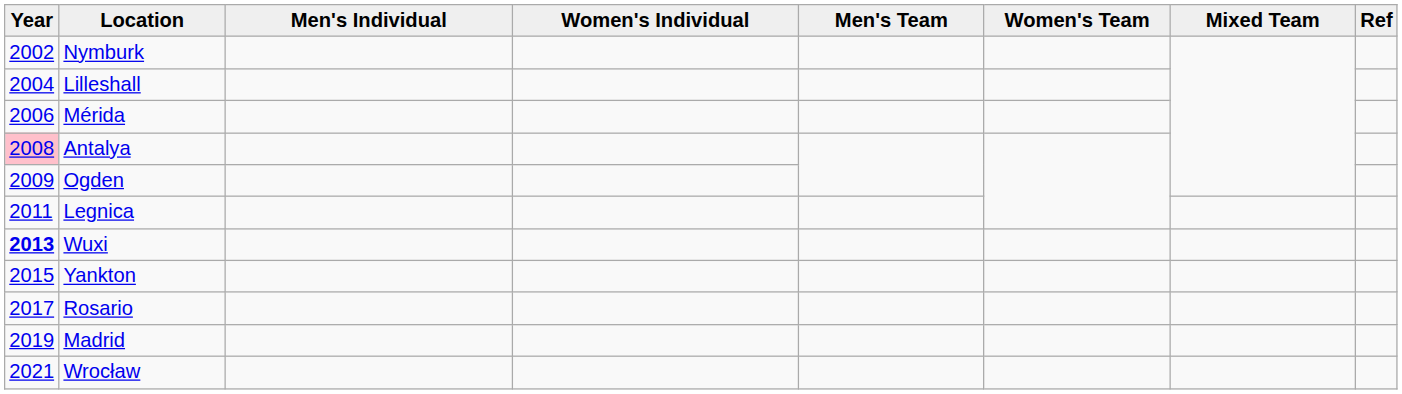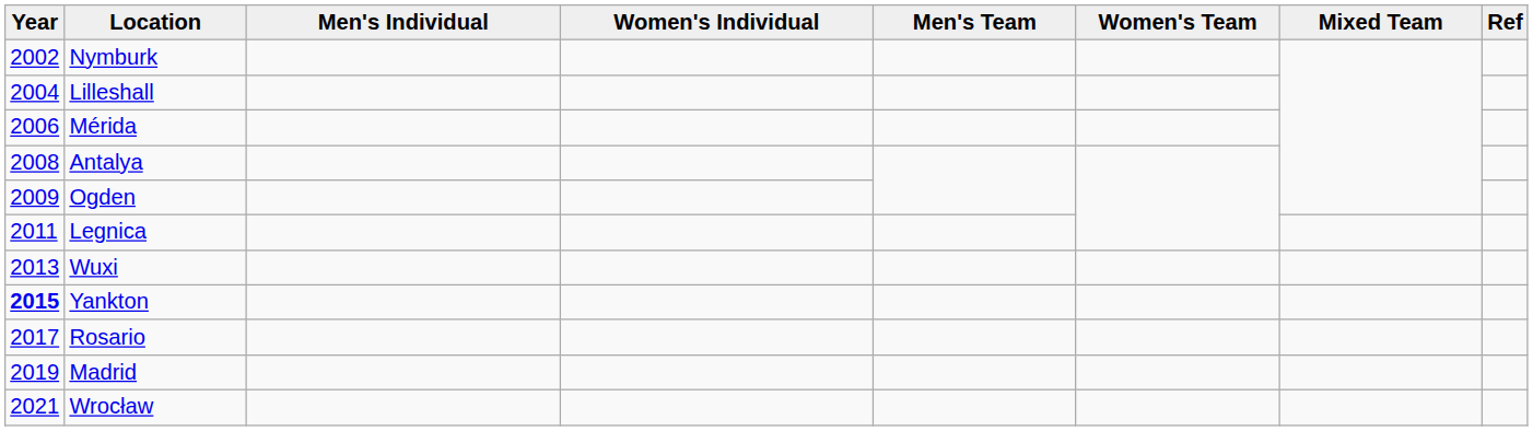 <table class="wikitable">
 <tr>
 <th scope="col" ! width="25" style="background: #efefef;">Year</th>
 <th scope="col" ! width="125" style="background: #efefef;">Location</th>
 <th scope="col" ! width="220" style="background: #efefef;">Men's Individual</th>
 <th scope="col" ! width="220" style="background: #efefef;">Women's Individual</th>
 <th scope="col" ! width="140" style="background: #efefef;">Men's Team</th>
 <th scope="col" ! width="140" style="background: #efefef;">Women's Team</th>
 <th scope="col" ! width="140" style="background: #efefef;">Mixed Team</th>
 <th scope="col" ! width="25" style="background: #efefef;">Ref</th>
 </tr>
 <tr>
 <td><a href='#'>2002</a></td>
 <td> <a href='#'>Nymburk</a></td>
 <td></td>
 <td></td>
 <td></td>
 <td></td>
 <td rowspan=5></td>
 <td></td>
 </tr>
 <tr>
 <td><a href='#'>2004</a></td>
 <td> <a href='#'>Lilleshall</a></td>
 <td></td>
 <td></td>
 <td></td>
 <td></td>
 <td></td>
 </tr>
 <tr>
 <td><a href='#'>2006</a></td>
 <td> <a href='#'>Mérida</a></td>
 <td></td>
 <td></td>
 <td></td>
 <td></td>
 <td></td>
 </tr>
 <tr>
-<td style="background: pink;"><a href='#'>2008</a></td>
+<td><a href='#'>2008</a></td>
 <td> <a href='#'>Antalya</a></td>
 <td></td>
 <td></td>
 <td rowspan=2></td>
 <td rowspan=3></td>
 <td></td>
 </tr>
 <tr>
 <td><a href='#'>2009</a></td>
 <td> <a href='#'>Ogden</a></td>
 <td></td>
 <td></td>
 <td></td>
 </tr>
 <tr>
 <td><a href='#'>2011</a></td>
 <td> <a href='#'>Legnica</a></td>
 <td></td>
 <td></td>
 <td></td>
 <td></td>
 <td></td>
 </tr>
 <tr>
-<td><strong><a href='#'>2013</a></strong></td>
+<td><a href='#'>2013</a></td>
 <td> <a href='#'>Wuxi</a></td>
 <td></td>
 <td></td>
 <td></td>
 <td></td>
 <td></td>
 <td></td>
 </tr>
 <tr>
-<td><a href='#'>2015</a></td>
+<td><strong><a href='#'>2015</a></strong></td>
 <td> <a href='#'>Yankton</a></td>
 <td></td>
 <td></td>
 <td></td>
 <td></td>
 <td></td>
 <td></td>
 </tr>
 <tr>
 <td><a href='#'>2017</a></td>
 <td> <a href='#'>Rosario</a></td>
 <td></td>
 <td></td>
 <td></td>
 <td></td>
 <td></td>
 <td></td>
 </tr>
 <tr>
 <td><a href='#'>2019</a></td>
 <td> <a href='#'>Madrid</a></td>
 <td></td>
 <td></td>
 <td></td>
 <td></td>
 <td></td>
 <td></td>
 </tr>
 <tr>
 <td><a href='#'>2021</a></td>
 <td> <a href='#'>Wrocław</a></td>
 <td></td>
 <td></td>
 <td></td>
 <td></td>
 <td></td>
 <td></td>
 </tr>
 </table>
